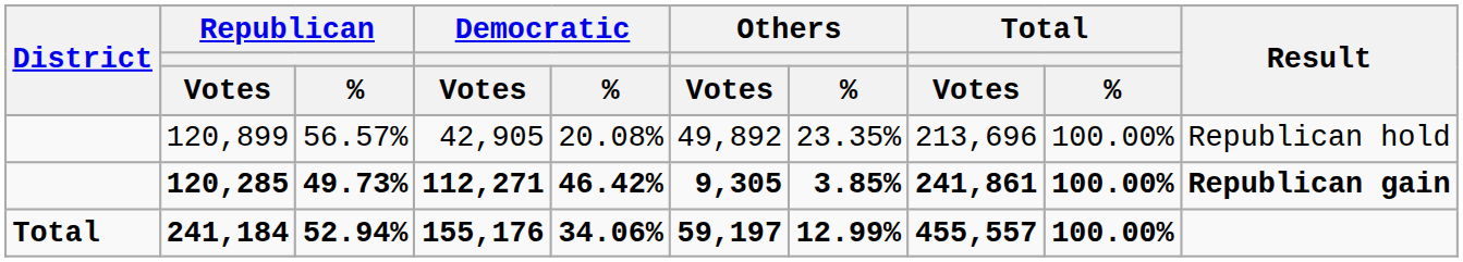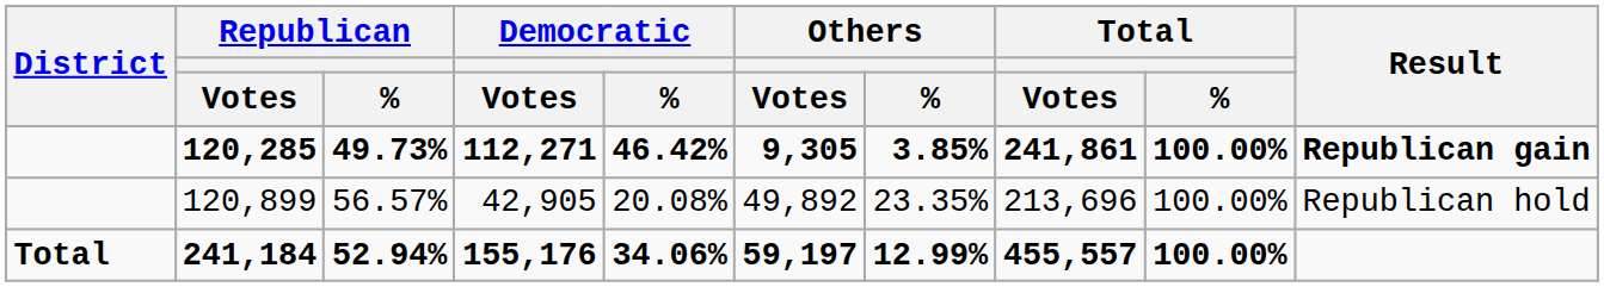 <table class="wikitable plainrowheaders sortable" style="font-size:100%; text-align:right;">
 <tr>
 <th scope=col rowspan=3><a href='#'>District</a></th>
 <th scope=col colspan=2><a href='#'>Republican</a></th>
 <th scope=col colspan=2><a href='#'>Democratic</a></th>
 <th scope=col colspan=2>Others</th>
 <th scope=col colspan=2>Total</th>
 <th scope=col rowspan=3>Result</th>
 </tr>
 <tr>
 <th scope=col colspan=2 style="background:"></th>
 <th scope=col colspan=2 style="background:"></th>
 <th scope=col colspan=2></th>
 <th scope=col colspan=2></th>
 </tr>
 <tr>
 <th scope=col data-sort-type="number">Votes</th>
 <th scope=col data-sort-type="number">%</th>
 <th scope=col data-sort-type="number">Votes</th>
 <th scope=col data-sort-type="number">%</th>
 <th scope=col data-sort-type="number">Votes</th>
 <th scope=col data-sort-type="number">%</th>
 <th scope=col data-sort-type="number">Votes</th>
 <th scope=col data-sort-type="number">%</th>
 </tr>
 <tr>
+<td align=left><strong></strong></td>
+<td><strong>120,285</strong></td>
+<td><strong>49.73%</strong></td>
+<td><strong>112,271</strong></td>
+<td><strong>46.42%</strong></td>
+<td><strong>9,305</strong></td>
+<td><strong>3.85%</strong></td>
+<td><strong>241,861</strong></td>
+<td><strong>100.00%</strong></td>
+<td align=left><strong>Republican gain</strong></td>
+</tr>
+<tr>
 <td align=left></td>
 <td>120,899</td>
 <td>56.57%</td>
 <td>42,905</td>
 <td>20.08%</td>
 <td>49,892</td>
 <td>23.35%</td>
 <td>213,696</td>
 <td>100.00%</td>
 <td align=left>Republican hold</td>
-</tr>
-<tr>
-<td align=left><strong></strong></td>
-<td><strong>120,285</strong></td>
-<td><strong>49.73%</strong></td>
-<td><strong>112,271</strong></td>
-<td><strong>46.42%</strong></td>
-<td><strong>9,305</strong></td>
-<td><strong>3.85%</strong></td>
-<td><strong>241,861</strong></td>
-<td><strong>100.00%</strong></td>
-<td align=left><strong>Republican gain</strong></td>
 </tr>
 <tr class="sortbottom" style="font-weight:bold">
 <td align=left>Total</td>
 <td>241,184</td>
 <td>52.94%</td>
 <td>155,176</td>
 <td>34.06%</td>
 <td>59,197</td>
 <td>12.99%</td>
 <td>455,557</td>
 <td>100.00%</td>
 <td></td>
 </tr>
 </table>
